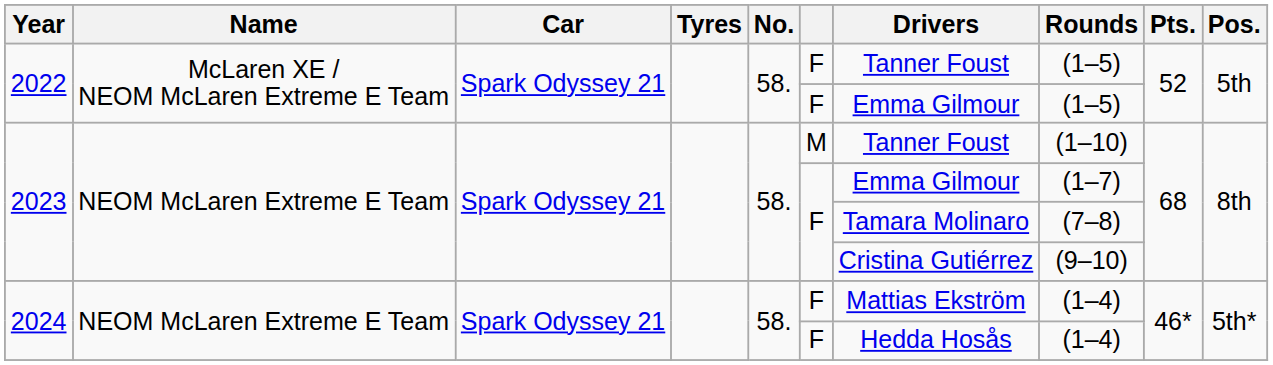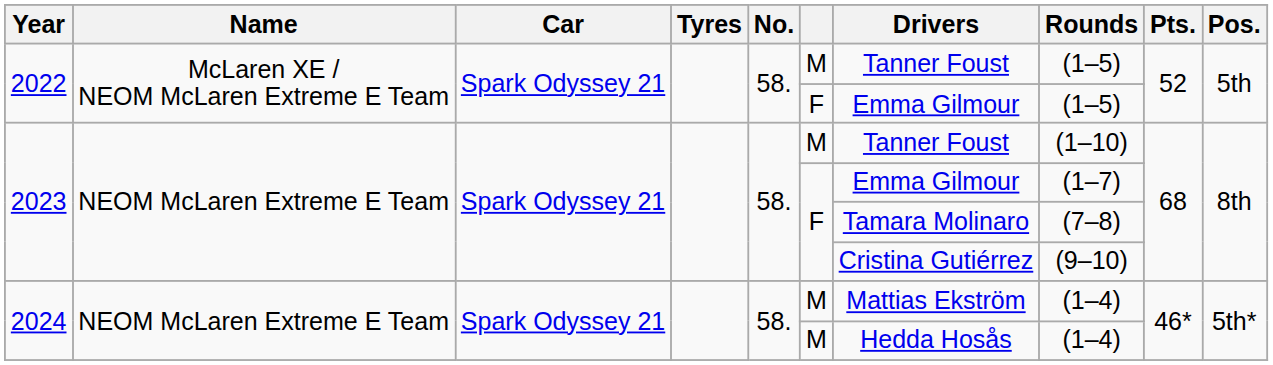 <table class="wikitable" style="text-align:center; font-size:85%">
 <tr>
 <th>Year</th>
 <th>Name</th>
 <th>Car</th>
 <th>Tyres</th>
 <th>No.</th>
 <th></th>
 <th>Drivers</th>
 <th>Rounds</th>
 <th>Pts.</th>
 <th>Pos.</th>
 </tr>
 <tr>
 <td rowspan="2"><a href='#'>2022</a></td>
 <td rowspan="2"> McLaren XE /<br>NEOM McLaren Extreme E Team</td>
 <td rowspan="2"><a href='#'>Spark Odyssey 21</a></td>
 <td rowspan="2"></td>
 <td rowspan="2">58.</td>
-<td>F</td>
+<td>M</td>
 <td> <a href='#'>Tanner Foust</a></td>
 <td>(1–5)</td>
 <td rowspan="2">52</td>
 <td rowspan="2">5th</td>
 </tr>
 <tr>
 <td>F</td>
 <td> <a href='#'>Emma Gilmour</a></td>
 <td>(1–5)</td>
 </tr>
 <tr>
 <td rowspan="4"><a href='#'>2023</a></td>
 <td rowspan="4"> NEOM McLaren Extreme E Team</td>
 <td rowspan="4"><a href='#'>Spark Odyssey 21</a></td>
 <td rowspan="4"></td>
 <td rowspan="4">58.</td>
 <td>M</td>
 <td> <a href='#'>Tanner Foust</a></td>
 <td>(1–10)</td>
 <td rowspan="4">68</td>
 <td rowspan="4">8th</td>
 </tr>
 <tr>
 <td rowspan="3">F</td>
 <td> <a href='#'>Emma Gilmour</a></td>
 <td>(1–7)</td>
 </tr>
 <tr>
 <td> <a href='#'>Tamara Molinaro</a></td>
 <td>(7–8)</td>
 </tr>
 <tr>
 <td> <a href='#'>Cristina Gutiérrez</a></td>
 <td>(9–10)</td>
 </tr>
 <tr>
 <td rowspan="2"><a href='#'>2024</a></td>
 <td rowspan="2"> NEOM McLaren Extreme E Team</td>
 <td rowspan="2"><a href='#'>Spark Odyssey 21</a></td>
 <td rowspan="2"></td>
 <td rowspan="2">58.</td>
-<td>F</td>
+<td>M</td>
 <td> <a href='#'>Mattias Ekström</a></td>
 <td>(1–4)</td>
 <td rowspan="2">46*</td>
 <td rowspan="2">5th*</td>
 </tr>
 <tr>
-<td>F</td>
+<td>M</td>
 <td> <a href='#'>Hedda Hosås</a></td>
 <td>(1–4)</td>
 </tr>
 </table>
